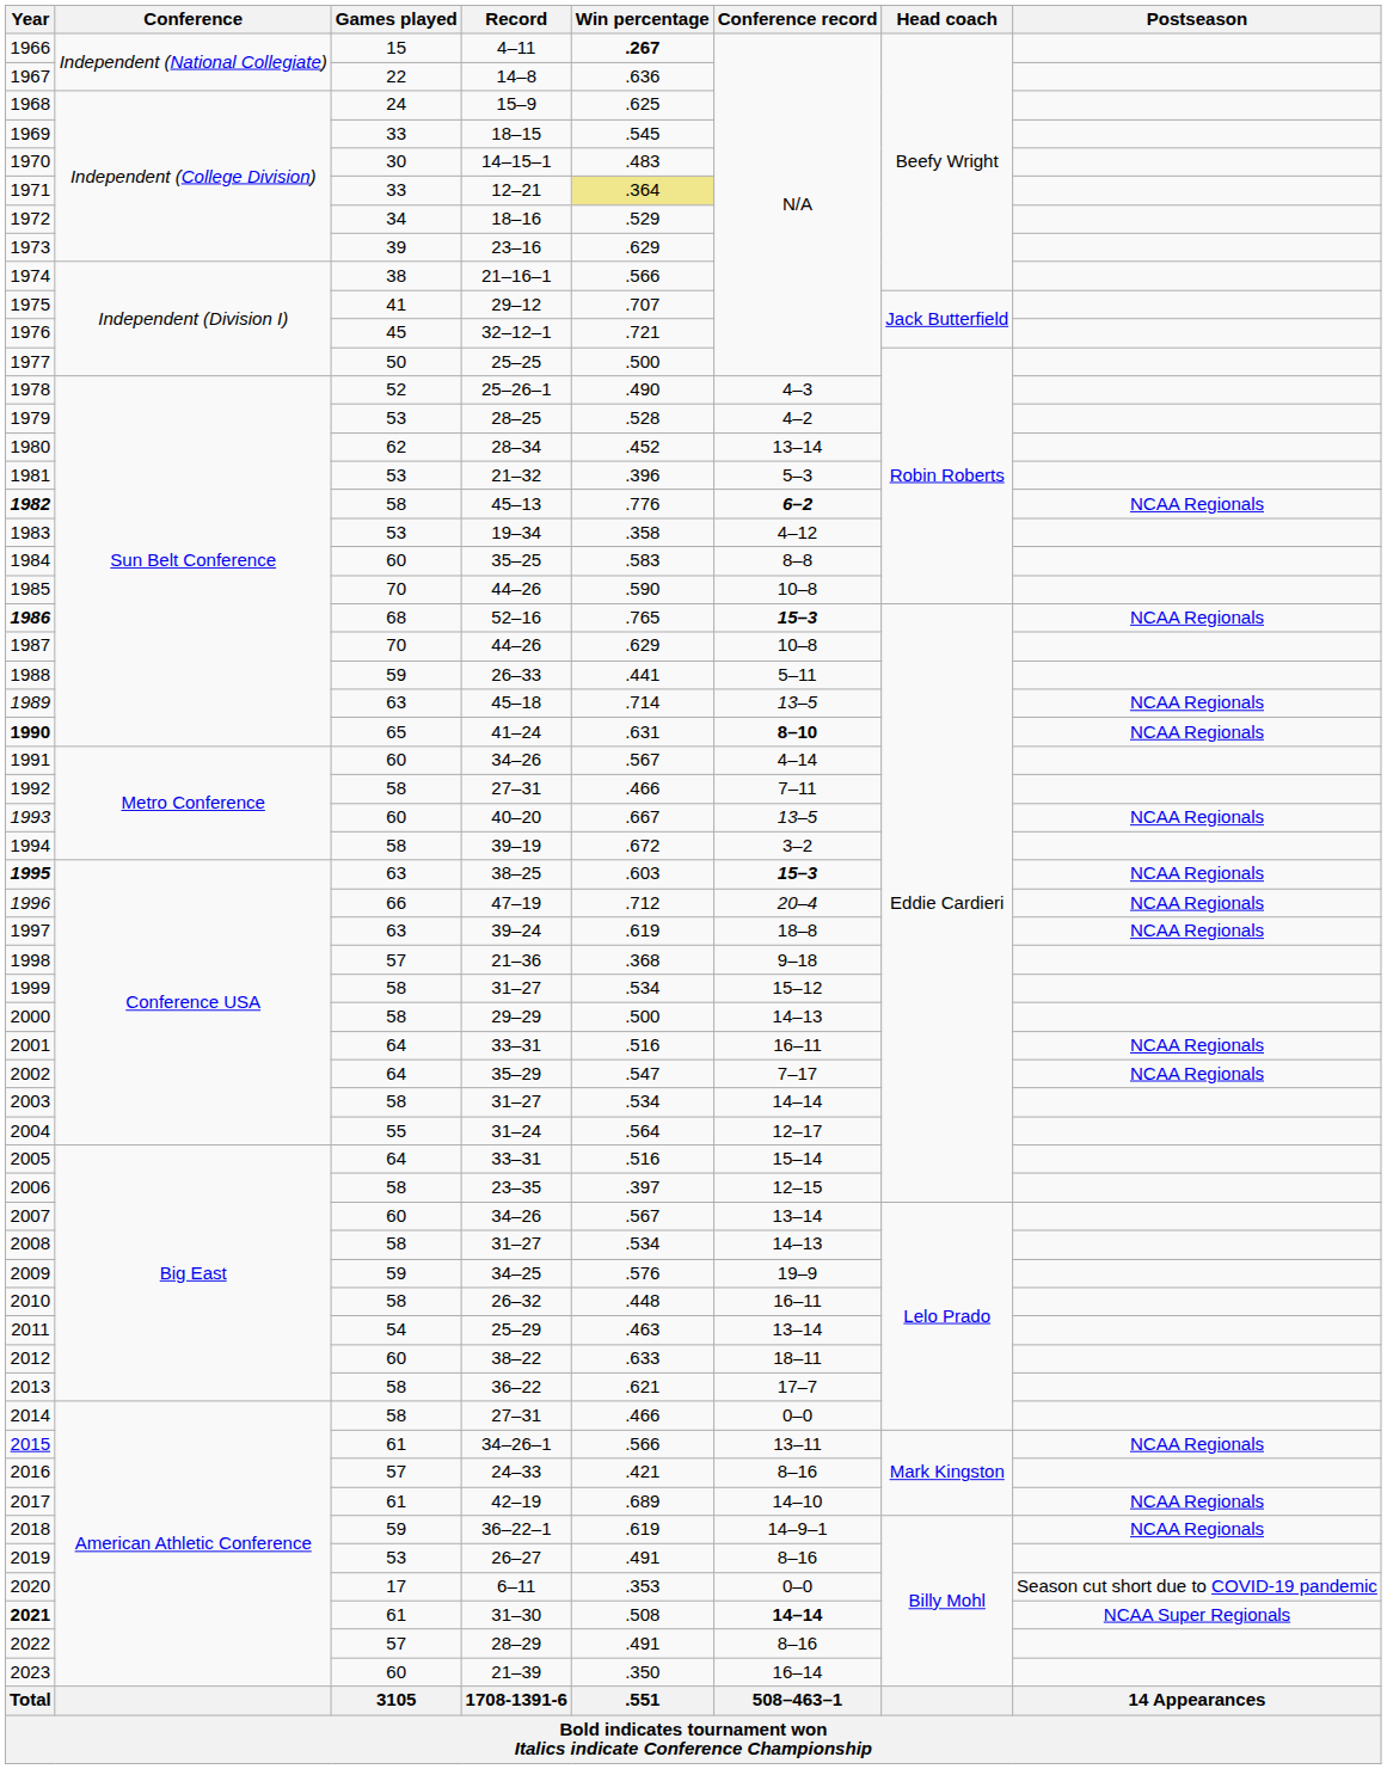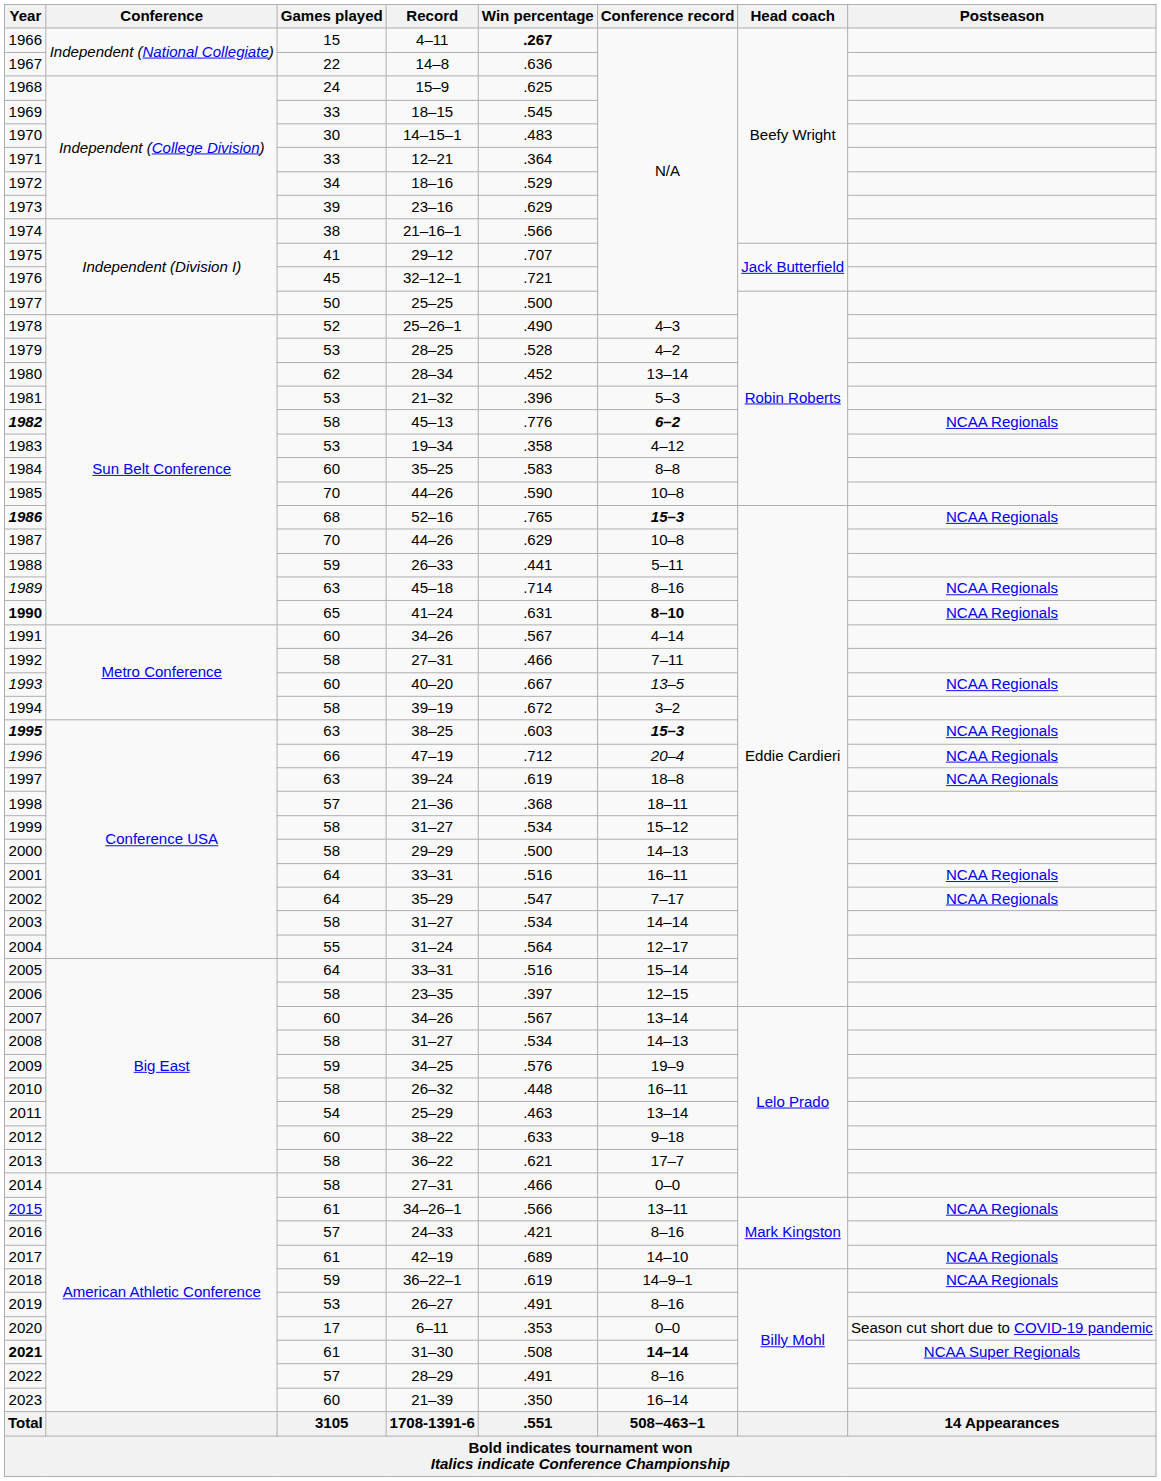 <table class="wikitable sortable" style="text-align:center;">
 <tr>
 <th style="text-align:center;">Year</th>
 <th style="text-align:center;">Conference</th>
 <th style="text-align:center;">Games played</th>
 <th style="text-align:center;">Record</th>
 <th style="text-align:center;">Win percentage</th>
 <th style="text-align:center;">Conference record</th>
 <th style="text-align:center;">Head coach</th>
 <th style="text-align:center;">Postseason</th>
 </tr>
 <tr>
 <td>1966</td>
 <td rowspan="2"><em>Independent (<a href='#'>National Collegiate</a>)</em></td>
 <td>15</td>
 <td>4–11</td>
 <td><strong>.267</strong></td>
 <td rowspan="12">N/A</td>
 <td rowspan="9">Beefy Wright</td>
 <td></td>
 </tr>
 <tr>
 <td>1967</td>
 <td>22</td>
 <td>14–8</td>
 <td>.636</td>
 <td></td>
 </tr>
 <tr>
 <td>1968</td>
 <td rowspan="6"><em>Independent (<a href='#'>College Division</a>)</em></td>
 <td>24</td>
 <td>15–9</td>
 <td>.625</td>
 <td></td>
 </tr>
 <tr>
 <td>1969</td>
 <td>33</td>
 <td>18–15</td>
 <td>.545</td>
 <td></td>
 </tr>
 <tr>
 <td>1970</td>
 <td>30</td>
 <td>14–15–1</td>
 <td>.483</td>
 <td></td>
 </tr>
 <tr>
 <td>1971</td>
 <td>33</td>
 <td>12–21</td>
-<td style="background: khaki;">.364</td>
+<td>.364</td>
 <td></td>
 </tr>
 <tr>
 <td>1972</td>
 <td>34</td>
 <td>18–16</td>
 <td>.529</td>
 <td></td>
 </tr>
 <tr>
 <td>1973</td>
 <td>39</td>
 <td>23–16</td>
 <td>.629</td>
 <td></td>
 </tr>
 <tr>
 <td>1974</td>
 <td rowspan="4"><em>Independent (Division I)</em></td>
 <td>38</td>
 <td>21–16–1</td>
 <td>.566</td>
 <td></td>
 </tr>
 <tr>
 <td>1975</td>
 <td>41</td>
 <td>29–12</td>
 <td>.707</td>
 <td rowspan="2"><a href='#'>Jack Butterfield</a></td>
 <td></td>
 </tr>
 <tr>
 <td>1976</td>
 <td>45</td>
 <td>32–12–1</td>
 <td>.721</td>
 <td></td>
 </tr>
 <tr>
 <td>1977</td>
 <td>50</td>
 <td>25–25</td>
 <td>.500</td>
 <td rowspan="9"><a href='#'>Robin Roberts</a></td>
 <td></td>
 </tr>
 <tr>
 <td>1978</td>
 <td rowspan="13"><a href='#'>Sun Belt Conference</a></td>
 <td>52</td>
 <td>25–26–1</td>
 <td>.490</td>
 <td>4–3</td>
 <td></td>
 </tr>
 <tr>
 <td>1979</td>
 <td>53</td>
 <td>28–25</td>
 <td>.528</td>
 <td>4–2</td>
 <td></td>
 </tr>
 <tr>
 <td>1980</td>
 <td>62</td>
 <td>28–34</td>
 <td>.452</td>
 <td>13–14</td>
 <td></td>
 </tr>
 <tr>
 <td>1981</td>
 <td>53</td>
 <td>21–32</td>
 <td>.396</td>
 <td>5–3</td>
 <td></td>
 </tr>
 <tr>
 <td><strong><em>1982</em></strong></td>
 <td>58</td>
 <td>45–13</td>
 <td>.776</td>
 <td><strong><em>6–2</em></strong></td>
 <td><a href='#'>NCAA Regionals</a></td>
 </tr>
 <tr>
 <td>1983</td>
 <td>53</td>
 <td>19–34</td>
 <td>.358</td>
 <td>4–12</td>
 <td></td>
 </tr>
 <tr>
 <td>1984</td>
 <td>60</td>
 <td>35–25</td>
 <td>.583</td>
 <td>8–8</td>
 <td></td>
 </tr>
 <tr>
 <td>1985</td>
 <td>70</td>
 <td>44–26</td>
 <td>.590</td>
 <td>10–8</td>
 <td></td>
 </tr>
 <tr>
 <td><strong><em>1986</em></strong></td>
 <td>68</td>
 <td>52–16</td>
 <td>.765</td>
 <td><strong><em>15–3</em></strong></td>
 <td rowspan="21">Eddie Cardieri</td>
 <td><a href='#'>NCAA Regionals</a></td>
 </tr>
 <tr>
 <td>1987</td>
 <td>70</td>
 <td>44–26</td>
 <td>.629</td>
 <td>10–8</td>
 <td></td>
 </tr>
 <tr>
 <td>1988</td>
 <td>59</td>
 <td>26–33</td>
 <td>.441</td>
 <td>5–11</td>
 <td></td>
 </tr>
 <tr>
 <td><em>1989</em></td>
 <td>63</td>
 <td>45–18</td>
 <td>.714</td>
-<td><em>13–5</em></td>
+<td>8–16</td>
 <td><a href='#'>NCAA Regionals</a></td>
 </tr>
 <tr>
 <td><strong>1990</strong></td>
 <td>65</td>
 <td>41–24</td>
 <td>.631</td>
 <td><strong>8–10</strong></td>
 <td><a href='#'>NCAA Regionals</a></td>
 </tr>
 <tr>
 <td>1991</td>
 <td rowspan="4"><a href='#'>Metro Conference</a></td>
 <td>60</td>
 <td>34–26</td>
 <td>.567</td>
 <td>4–14</td>
 <td></td>
 </tr>
 <tr>
 <td>1992</td>
 <td>58</td>
 <td>27–31</td>
 <td>.466</td>
 <td>7–11</td>
 <td></td>
 </tr>
 <tr>
 <td><em>1993</em></td>
 <td>60</td>
 <td>40–20</td>
 <td>.667</td>
 <td><em>13–5</em></td>
 <td><a href='#'>NCAA Regionals</a></td>
 </tr>
 <tr>
 <td>1994</td>
 <td>58</td>
 <td>39–19</td>
 <td>.672</td>
 <td>3–2</td>
 <td></td>
 </tr>
 <tr>
 <td><strong><em>1995</em></strong></td>
 <td rowspan="10"><a href='#'>Conference USA</a></td>
 <td>63</td>
 <td>38–25</td>
 <td>.603</td>
 <td><strong><em>15–3</em></strong></td>
 <td><a href='#'>NCAA Regionals</a></td>
 </tr>
 <tr>
 <td><em>1996</em></td>
 <td>66</td>
 <td>47–19</td>
 <td>.712</td>
 <td><em>20–4</em></td>
 <td><a href='#'>NCAA Regionals</a></td>
 </tr>
 <tr>
 <td>1997</td>
 <td>63</td>
 <td>39–24</td>
 <td>.619</td>
 <td>18–8</td>
 <td><a href='#'>NCAA Regionals</a></td>
 </tr>
 <tr>
 <td>1998</td>
 <td>57</td>
 <td>21–36</td>
 <td>.368</td>
-<td>9–18</td>
+<td>18–11</td>
 <td></td>
 </tr>
 <tr>
 <td>1999</td>
 <td>58</td>
 <td>31–27</td>
 <td>.534</td>
 <td>15–12</td>
 <td></td>
 </tr>
 <tr>
 <td>2000</td>
 <td>58</td>
 <td>29–29</td>
 <td>.500</td>
 <td>14–13</td>
 <td></td>
 </tr>
 <tr>
 <td>2001</td>
 <td>64</td>
 <td>33–31</td>
 <td>.516</td>
 <td>16–11</td>
 <td><a href='#'>NCAA Regionals</a></td>
 </tr>
 <tr>
 <td>2002</td>
 <td>64</td>
 <td>35–29</td>
 <td>.547</td>
 <td>7–17</td>
 <td><a href='#'>NCAA Regionals</a></td>
 </tr>
 <tr>
 <td>2003</td>
 <td>58</td>
 <td>31–27</td>
 <td>.534</td>
 <td>14–14</td>
 <td></td>
 </tr>
 <tr>
 <td>2004</td>
 <td>55</td>
 <td>31–24</td>
 <td>.564</td>
 <td>12–17</td>
 <td></td>
 </tr>
 <tr>
 <td>2005</td>
 <td rowspan="9"><a href='#'>Big East</a></td>
 <td>64</td>
 <td>33–31</td>
 <td>.516</td>
 <td>15–14</td>
 <td></td>
 </tr>
 <tr>
 <td>2006</td>
 <td>58</td>
 <td>23–35</td>
 <td>.397</td>
 <td>12–15</td>
 <td></td>
 </tr>
 <tr>
 <td>2007</td>
 <td>60</td>
 <td>34–26</td>
 <td>.567</td>
 <td>13–14</td>
 <td rowspan="8"><a href='#'>Lelo Prado</a></td>
 <td></td>
 </tr>
 <tr>
 <td>2008</td>
 <td>58</td>
 <td>31–27</td>
 <td>.534</td>
 <td>14–13</td>
 <td></td>
 </tr>
 <tr>
 <td>2009</td>
 <td>59</td>
 <td>34–25</td>
 <td>.576</td>
 <td>19–9</td>
 <td></td>
 </tr>
 <tr>
 <td>2010</td>
 <td>58</td>
 <td>26–32</td>
 <td>.448</td>
 <td>16–11</td>
 <td></td>
 </tr>
 <tr>
 <td>2011</td>
 <td>54</td>
 <td>25–29</td>
 <td>.463</td>
 <td>13–14</td>
 <td></td>
 </tr>
 <tr>
 <td>2012</td>
 <td>60</td>
 <td>38–22</td>
 <td>.633</td>
-<td>18–11</td>
+<td>9–18</td>
 <td></td>
 </tr>
 <tr>
 <td>2013</td>
 <td>58</td>
 <td>36–22</td>
 <td>.621</td>
 <td>17–7</td>
 <td></td>
 </tr>
 <tr>
 <td>2014</td>
 <td rowspan="10"><a href='#'>American Athletic Conference</a></td>
 <td>58</td>
 <td>27–31</td>
 <td>.466</td>
 <td>0–0</td>
 <td></td>
 </tr>
 <tr>
 <td><a href='#'>2015</a></td>
 <td>61</td>
 <td>34–26–1</td>
 <td>.566</td>
 <td>13–11</td>
 <td rowspan="3"><a href='#'>Mark Kingston</a></td>
 <td><a href='#'>NCAA Regionals</a></td>
 </tr>
 <tr>
 <td>2016</td>
 <td>57</td>
 <td>24–33</td>
 <td>.421</td>
 <td>8–16</td>
 <td></td>
 </tr>
 <tr>
 <td>2017</td>
 <td>61</td>
 <td>42–19</td>
 <td>.689</td>
 <td>14–10</td>
 <td><a href='#'>NCAA Regionals</a></td>
 </tr>
 <tr>
 <td>2018</td>
 <td>59</td>
 <td>36–22–1</td>
 <td>.619</td>
 <td>14–9–1</td>
 <td rowspan="6"><a href='#'>Billy Mohl</a></td>
 <td><a href='#'>NCAA Regionals</a></td>
 </tr>
 <tr>
 <td>2019</td>
 <td>53</td>
 <td>26–27</td>
 <td>.491</td>
 <td>8–16</td>
 <td></td>
 </tr>
 <tr>
 <td>2020</td>
 <td>17</td>
 <td>6–11</td>
 <td>.353</td>
 <td>0–0</td>
 <td style="text-align: center;">Season cut short due to <a href='#'>COVID-19 pandemic</a></td>
 </tr>
 <tr>
 <td><strong>2021</strong></td>
 <td>61</td>
 <td>31–30</td>
 <td>.508</td>
 <td><strong>14–14</strong></td>
 <td><a href='#'>NCAA Super Regionals</a></td>
 </tr>
 <tr>
 <td>2022</td>
 <td>57</td>
 <td>28–29</td>
 <td>.491</td>
 <td>8–16</td>
 <td></td>
 </tr>
 <tr>
 <td>2023</td>
 <td>60</td>
 <td>21–39</td>
 <td>.350</td>
 <td>16–14</td>
 <td></td>
 </tr>
 <tr>
 <th style="text-align:center;">Total</th>
 <th style="text-align:center;"></th>
 <th style="text-align:center;">3105</th>
 <th style="text-align:center;">1708-1391-6</th>
 <th style="text-align:center;">.551</th>
 <th style="text-align:center;">508–463–1</th>
 <th style="text-align:center;"></th>
 <th style="text-align:center;">14 Appearances</th>
 </tr>
 <tr>
 <th colspan="8" style="text-align:center;"><strong>Bold indicates tournament won</strong><br><strong><em>Italics indicate Conference Championship</em></strong></th>
 </tr>
 </table>
